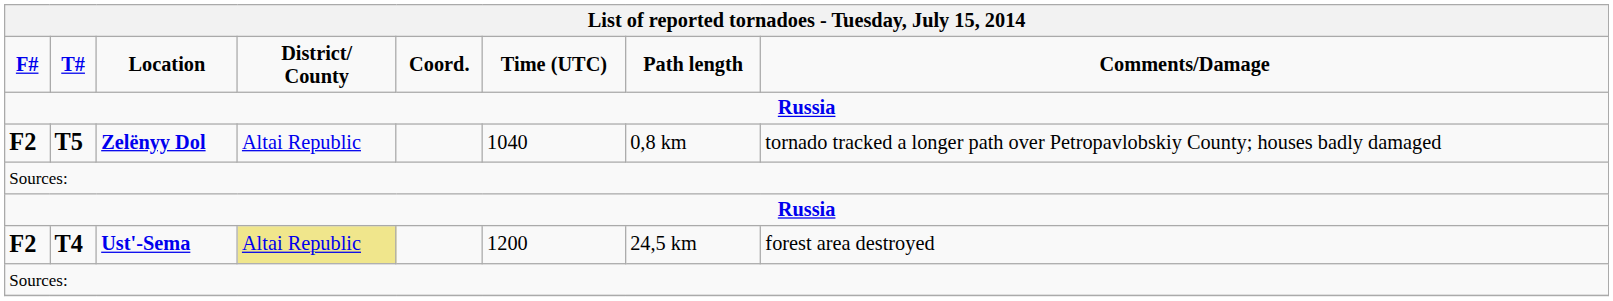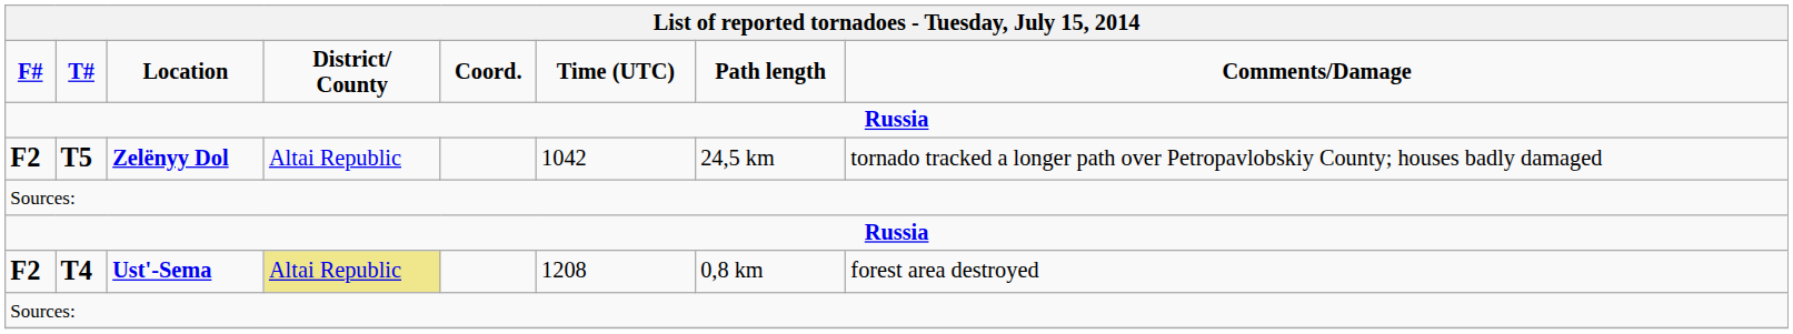 <table class="wikitable collapsible" width="100%">
 <tr>
 <th colspan="8">List of reported tornadoes - Tuesday, July 15, 2014</th>
 </tr>
 <tr>
 <td style="text-align: center;"><strong><a href='#'>F#</a></strong></td>
 <td style="text-align: center;"><strong><a href='#'>T#</a></strong></td>
 <td style="text-align: center;"><strong>Location</strong></td>
 <td style="text-align: center;"><strong>District/<br>County</strong></td>
 <td style="text-align: center;"><strong>Coord.</strong></td>
 <td style="text-align: center;"><strong>Time (UTC)</strong></td>
 <td style="text-align: center;"><strong>Path length</strong></td>
 <td style="text-align: center;"><strong>Comments/Damage</strong></td>
 </tr>
 <tr>
 <td colspan="8" align=center><strong><a href='#'>Russia</a></strong></td>
 </tr>
 <tr>
 <td><big><strong>F2</strong></big></td>
 <td><big><strong>T5</strong></big></td>
 <td><strong><a href='#'>Zelënyy Dol</a></strong></td>
 <td><a href='#'>Altai Republic</a></td>
 <td></td>
-<td>1040</td>
-<td>0,8 km</td>
+<td>1042</td>
+<td>24,5 km</td>
 <td>tornado tracked a longer path over Petropavlobskiy County; houses badly damaged</td>
 </tr>
 <tr>
 <td colspan="8"><small>Sources:</small></td>
 </tr>
 <tr>
 <td colspan="8" align=center><strong><a href='#'>Russia</a></strong></td>
 </tr>
 <tr>
 <td><big><strong>F2</strong></big></td>
 <td><big><strong>T4</strong></big></td>
 <td><strong><a href='#'>Ust'-Sema</a></strong></td>
 <td style="background: khaki;"><a href='#'>Altai Republic</a></td>
 <td></td>
-<td>1200</td>
-<td>24,5 km</td>
+<td>1208</td>
+<td>0,8 km</td>
 <td>forest area destroyed</td>
 </tr>
 <tr>
 <td colspan="8"><small>Sources:</small></td>
 </tr>
 <tr>
 </tr>
 </table>
